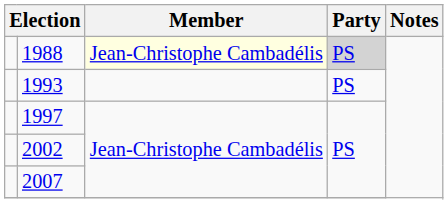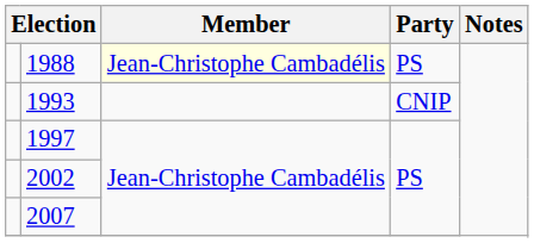 <table class="wikitable">
 <tr>
 <th colspan="2">Election</th>
 <th>Member</th>
 <th>Party</th>
 <th>Notes</th>
 </tr>
 <tr>
 <td style="background-color: "></td>
 <td><a href='#'>1988</a></td>
 <td style="background: lightyellow;"><a href='#'>Jean-Christophe Cambadélis</a></td>
-<td style="background: lightgrey;"><a href='#'>PS</a></td>
+<td><a href='#'>PS</a></td>
 </tr>
 <tr>
 <td style="background-color: "></td>
 <td><a href='#'>1993</a></td>
 <td></td>
-<td><a href='#'>PS</a></td>
+<td><a href='#'>CNIP</a></td>
 </tr>
 <tr>
 <td style="background-color: "></td>
 <td><a href='#'>1997</a></td>
 <td rowspan=3><a href='#'>Jean-Christophe Cambadélis</a></td>
 <td rowspan=3><a href='#'>PS</a></td>
 </tr>
 <tr>
 <td style="background-color: "></td>
 <td><a href='#'>2002</a></td>
 </tr>
 <tr>
 <td style="background-color: "></td>
 <td><a href='#'>2007</a></td>
 </tr>
 <tr>
 </tr>
 </table>
